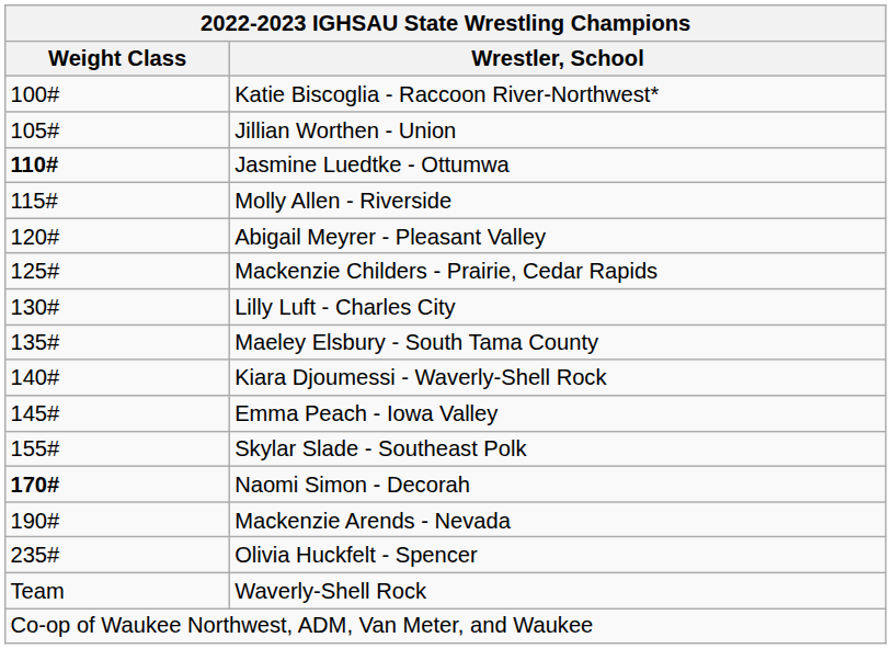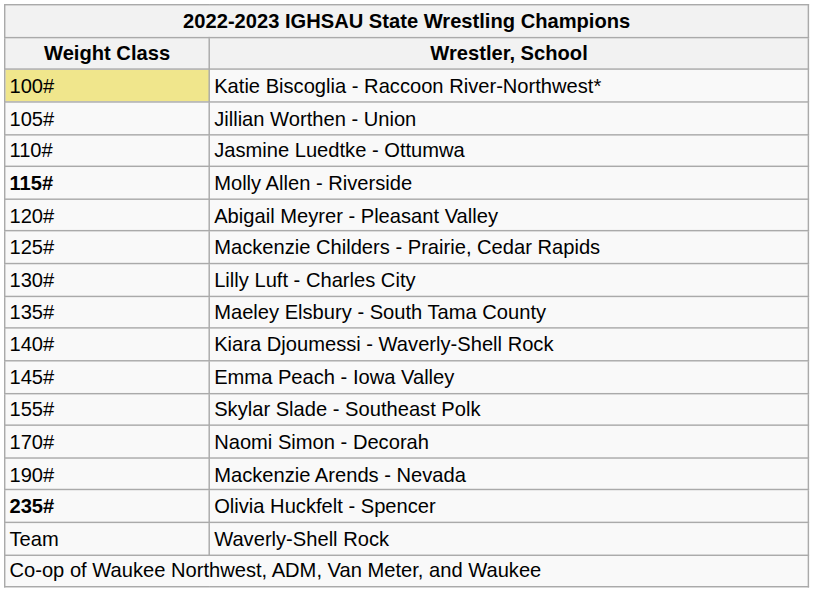 <table class="wikitable collapsible collapsed" style="font-size:88%; min-width:40em">
 <tr>
 <th colspan=3>2022-2023 IGHSAU State Wrestling Champions</th>
 </tr>
 <tr>
 <th>Weight Class</th>
 <th>Wrestler, School</th>
 </tr>
 <tr>
-<td>100#</td>
+<td style="background: khaki;">100#</td>
 <td>Katie Biscoglia - Raccoon River-Northwest*</td>
 </tr>
 <tr>
 <td>105#</td>
 <td>Jillian Worthen - Union</td>
 </tr>
 <tr>
-<td><strong>110#</strong></td>
+<td>110#</td>
 <td>Jasmine Luedtke - Ottumwa</td>
 </tr>
 <tr>
-<td>115#</td>
+<td><strong>115#</strong></td>
 <td>Molly Allen - Riverside</td>
 </tr>
 <tr>
 <td>120#</td>
 <td>Abigail Meyrer - Pleasant Valley</td>
 </tr>
 <tr>
 <td>125#</td>
 <td>Mackenzie Childers - Prairie, Cedar Rapids</td>
 </tr>
 <tr>
 <td>130#</td>
 <td>Lilly Luft - Charles City</td>
 </tr>
 <tr>
 <td>135#</td>
 <td>Maeley Elsbury - South Tama County</td>
 </tr>
 <tr>
 <td>140#</td>
 <td>Kiara Djoumessi - Waverly-Shell Rock</td>
 </tr>
 <tr>
 <td>145#</td>
 <td>Emma Peach - Iowa Valley</td>
 </tr>
 <tr>
 <td>155#</td>
 <td>Skylar Slade - Southeast Polk</td>
 </tr>
 <tr>
-<td><strong>170#</strong></td>
+<td>170#</td>
 <td>Naomi Simon - Decorah</td>
 </tr>
 <tr>
 <td>190#</td>
 <td>Mackenzie Arends - Nevada</td>
 </tr>
 <tr>
-<td>235#</td>
+<td><strong>235#</strong></td>
 <td>Olivia Huckfelt - Spencer</td>
 </tr>
 <tr>
 <td>Team</td>
 <td>Waverly-Shell Rock</td>
 </tr>
 <tr>
 <td colspan="3" style="text-align:left;">Co-op of Waukee Northwest, ADM, Van Meter, and Waukee</td>
 </tr>
 </table>
